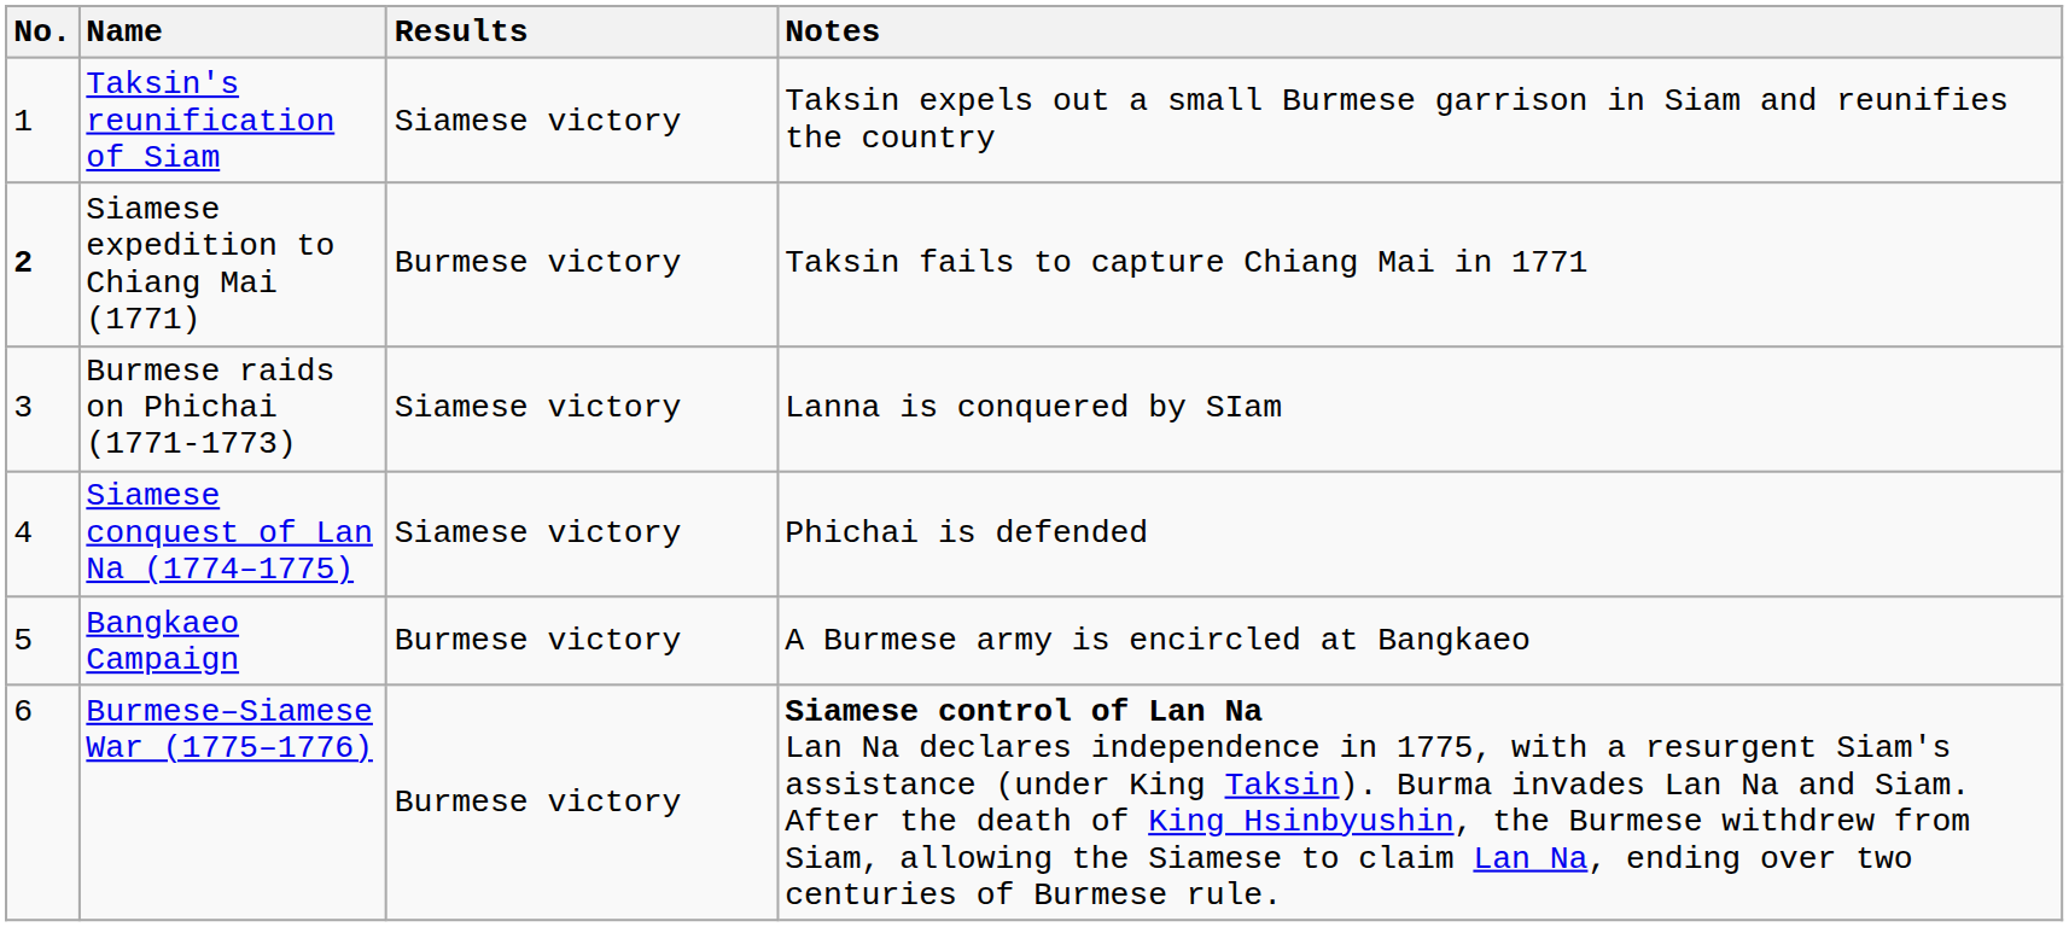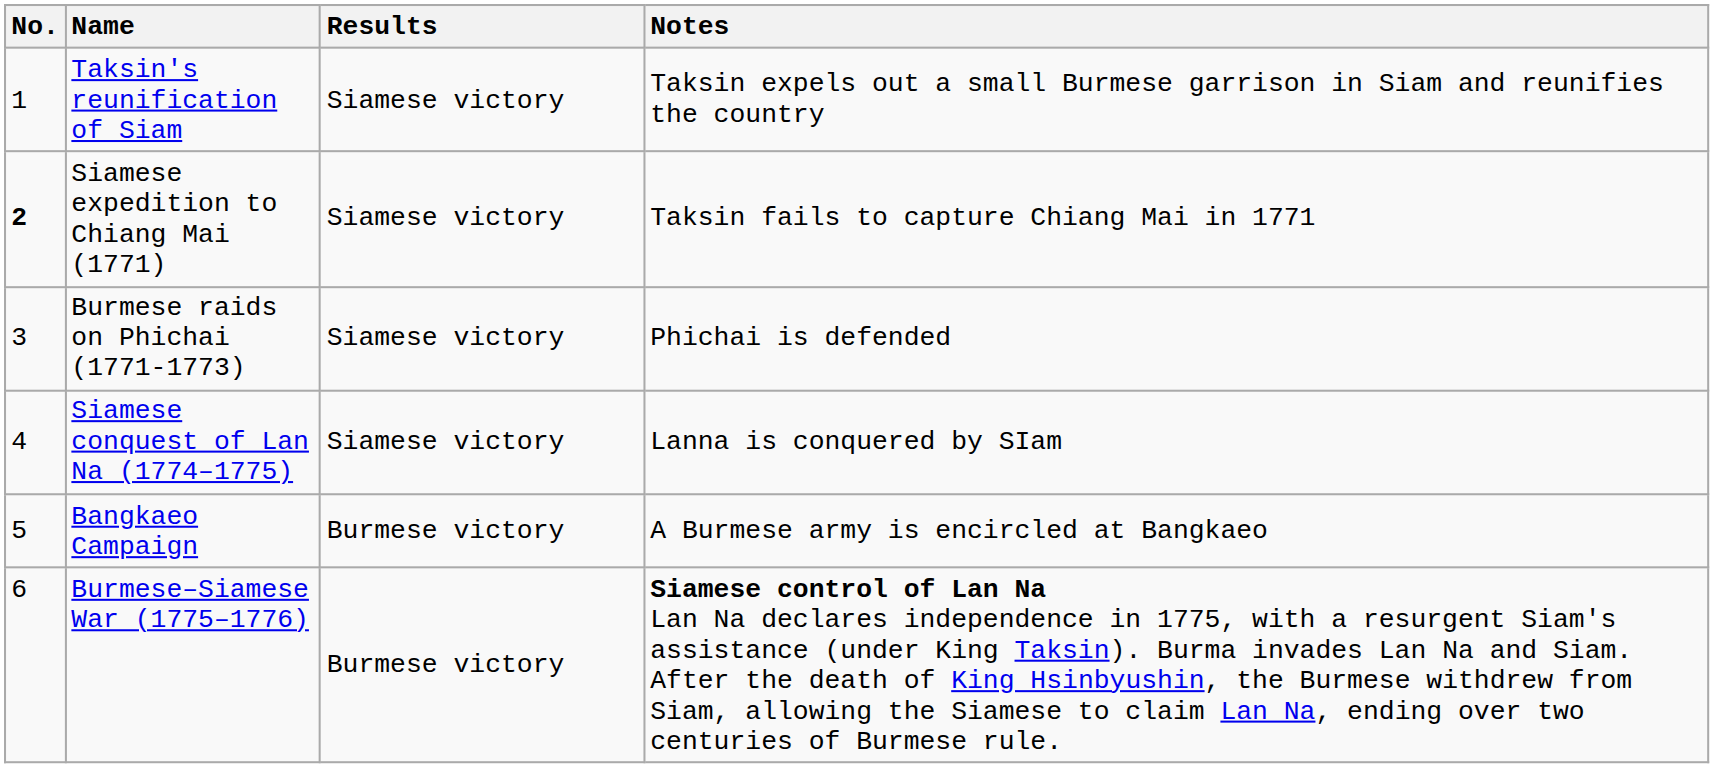 <table width=95% class="wikitable">
 <tr>
 <th style="text-align:left; width=1%">No.</th>
 <th width=15%; style="text-align:left">Name</th>
 <th width=19%; style="text-align:left;">Results</th>
 <th style="text-align:left; width=35%">Notes</th>
 </tr>
 <tr>
 <td>1</td>
 <td><a href='#'>Taksin's reunification of Siam</a></td>
 <td>Siamese victory</td>
 <td>Taksin expels out a small Burmese garrison in Siam and reunifies the country</td>
 </tr>
 <tr>
 <td><strong>2</strong></td>
 <td>Siamese expedition to Chiang Mai (1771)</td>
-<td>Burmese victory</td>
+<td>Siamese victory</td>
 <td>Taksin fails to capture Chiang Mai in 1771</td>
 </tr>
 <tr>
 <td>3</td>
 <td>Burmese raids on Phichai (1771-1773)</td>
 <td>Siamese victory</td>
-<td>Lanna is conquered by SIam</td>
+<td>Phichai is defended</td>
 </tr>
 <tr>
 <td>4</td>
 <td><a href='#'>Siamese conquest of Lan Na (1774–1775)</a></td>
 <td>Siamese victory</td>
-<td>Phichai is defended</td>
+<td>Lanna is conquered by SIam</td>
 </tr>
 <tr>
 <td>5</td>
 <td><a href='#'>Bangkaeo Campaign</a></td>
 <td>Burmese victory</td>
 <td>A Burmese army is encircled at Bangkaeo</td>
 </tr>
 <tr>
 <td style="vertical-align: top;">6</td>
 <td style="vertical-align: top;"><a href='#'>Burmese–Siamese War (1775–1776)</a></td>
 <td>Burmese victory</td>
 <td><strong>Siamese control of Lan Na</strong><br>Lan Na declares independence in 1775, with a resurgent Siam's assistance (under King <a href='#'>Taksin</a>). Burma invades Lan Na and Siam. After the death of <a href='#'>King Hsinbyushin</a>, the Burmese withdrew from Siam, allowing the Siamese to claim <a href='#'>Lan Na</a>, ending over two centuries of Burmese rule.</td>
 </tr>
 </table>
